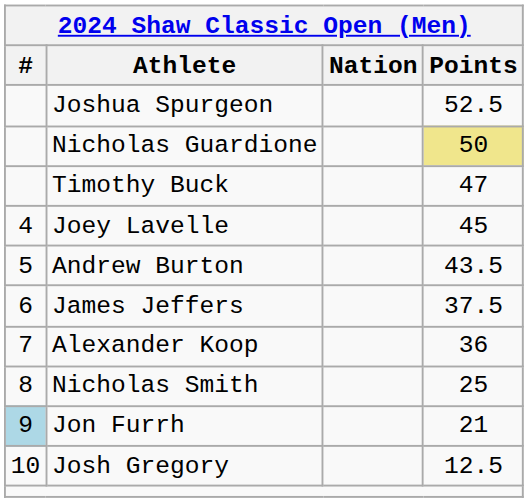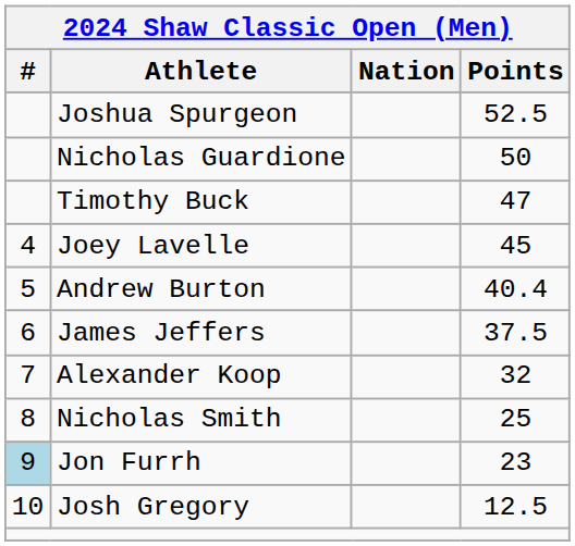 <table class="wikitable" style="display: inline-table;text-align:center;">
 <tr>
 <th colspan="4"><a href='#'>2024 Shaw Classic Open (Men)</a></th>
 </tr>
 <tr>
 <th scope="col" style="width: 10px;">#</th>
 <th scope="col">Athlete</th>
 <th scope="col">Nation</th>
 <th scope="col">Points</th>
 </tr>
 <tr>
 <td></td>
 <td align=left>Joshua Spurgeon</td>
 <td align=left></td>
 <td>52.5</td>
 </tr>
 <tr>
 <td></td>
 <td align=left>Nicholas Guardione</td>
 <td align=left></td>
-<td style="background: khaki;">50</td>
+<td>50</td>
 </tr>
 <tr>
 <td></td>
 <td align=left>Timothy Buck</td>
 <td align=left></td>
 <td>47</td>
 </tr>
 <tr>
 <td>4</td>
 <td align=left>Joey Lavelle</td>
 <td align=left></td>
 <td>45</td>
 </tr>
 <tr>
 <td>5</td>
 <td align=left>Andrew Burton</td>
 <td align=left></td>
-<td>43.5</td>
+<td>40.4</td>
 </tr>
 <tr>
 <td>6</td>
 <td align=left>James Jeffers</td>
 <td align=left></td>
 <td>37.5</td>
 </tr>
 <tr>
 <td>7</td>
 <td align=left>Alexander Koop</td>
 <td align=left></td>
-<td>36</td>
+<td>32</td>
 </tr>
 <tr>
 <td>8</td>
 <td align=left>Nicholas Smith</td>
 <td align=left></td>
 <td>25</td>
 </tr>
 <tr>
 <td style="background: lightblue;">9</td>
 <td align=left>Jon Furrh</td>
 <td align=left></td>
-<td>21</td>
+<td>23</td>
 </tr>
 <tr>
 <td>10</td>
 <td align=left>Josh Gregory</td>
 <td align=left></td>
 <td>12.5</td>
 </tr>
 <tr class="sortbottom">
 <td colspan="4"></td>
 </tr>
 </table>
